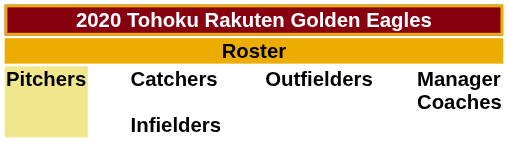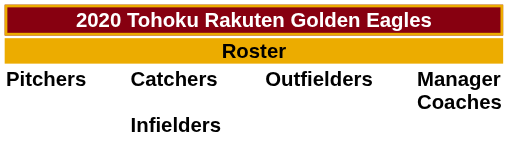 <table class="toccolours" style="font-size: 95%;">
 <tr>
 <th colspan="10" style="background:#870010; color:#FFFFFF; text-align:center; border:2px solid #ecac00">2020 Tohoku Rakuten Golden Eagles</th>
 </tr>
 <tr>
 <td colspan="10" style="background:#ecac00; color:#000000; text-align:center;"><strong>Roster</strong></td>
 </tr>
 <tr>
-<td valign="top" style="background: khaki;"><strong>Pitchers</strong><br>                           </td>
+<td valign="top"><strong>Pitchers</strong><br>                           </td>
 <td style="width:25px;"></td>
 <td valign="top"><strong>Catchers</strong><br>      <br><strong>Infielders</strong>             </td>
 <td style="width:25px;"></td>
 <td valign="top"><strong>Outfielders</strong><br>        </td>
 <td style="width:25px;"></td>
 <td valign="top"><strong>Manager</strong><br> <strong>Coaches</strong>                  </td>
 </tr>
 <tr>
 <td colspan="10" style="text-align: right;"></td>
 </tr>
 </table>
